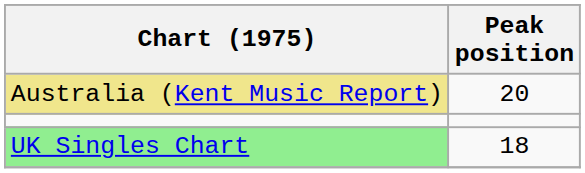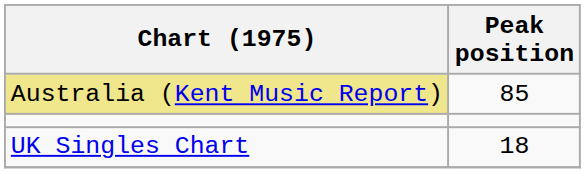 <table class="wikitable sortable">
 <tr>
 <th>Chart (1975)</th>
 <th>Peak<br>position</th>
 </tr>
 <tr>
 <td style="background: khaki;">Australia (<a href='#'>Kent Music Report</a>)</td>
-<td style="text-align:center;">20</td>
+<td style="text-align:center;">85</td>
 </tr>
 <tr>
 <td></td>
 </tr>
 <tr>
-<td style="background: lightgreen;"><a href='#'>UK Singles Chart</a></td>
+<td><a href='#'>UK Singles Chart</a></td>
 <td style="text-align:center;">18</td>
 </tr>
 <tr>
 </tr>
 </table>
